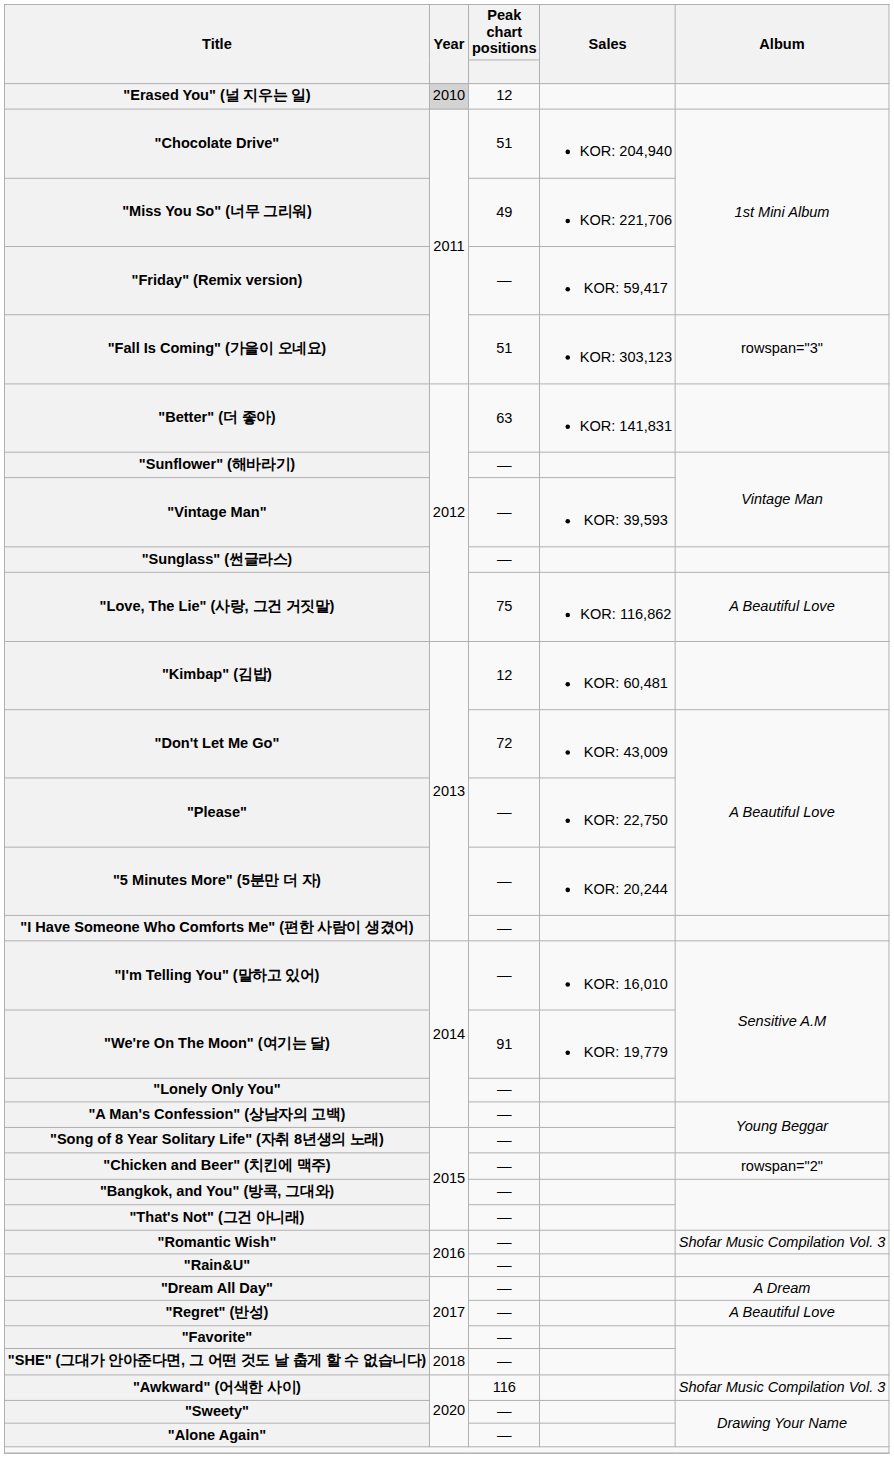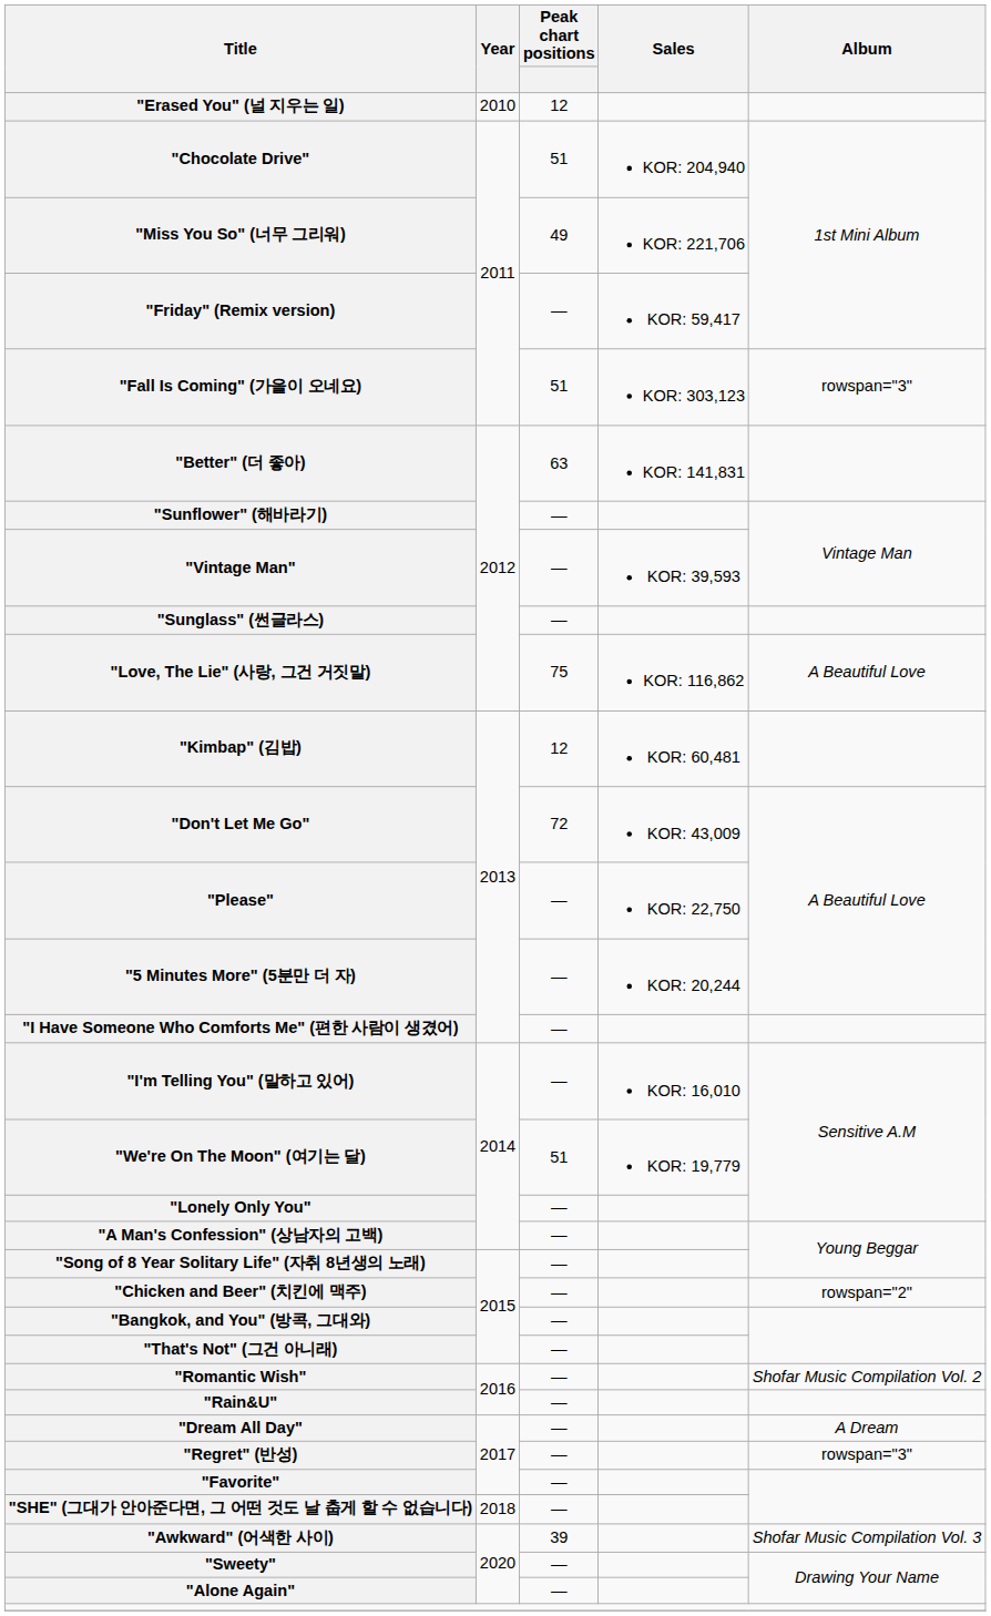 <table class="wikitable plainrowheaders" style="text-align:center;">
 <tr>
 <th scope="col" rowspan="2">Title</th>
 <th scope="col" rowspan="2">Year</th>
 <th scope="col" colspan="1">Peak chart positions</th>
 <th scope="col" rowspan="2">Sales</th>
 <th scope="col" rowspan="2">Album</th>
 </tr>
 <tr>
 <th style="width:3em"><br></th>
 </tr>
 <tr>
 <th scope="row">"Erased You" (널 지우는 일)</th>
-<td style="background: lightgrey;">2010</td>
+<td>2010</td>
 <td>12</td>
 <td></td>
 <td></td>
 </tr>
 <tr>
 <th scope="row">"Chocolate Drive"</th>
 <td rowspan="4">2011</td>
 <td>51</td>
 <td><br><ul><li>KOR: 204,940</li></ul></td>
 <td rowspan="3"><em>1st Mini Album</em></td>
 </tr>
 <tr>
 <th scope="row">"Miss You So" (너무 그리워)</th>
 <td>49</td>
 <td><br><ul><li>KOR: 221,706</li></ul></td>
 </tr>
 <tr>
 <th scope="row">"Friday" (Remix version)</th>
 <td>—</td>
 <td><br><ul><li>KOR: 59,417</li></ul></td>
 </tr>
 <tr>
 <th scope="row">"Fall Is Coming" (가을이 오네요)</th>
 <td>51</td>
 <td><br><ul><li>KOR: 303,123</li></ul></td>
 <td>rowspan="3" </td>
 </tr>
 <tr>
 <th scope="row">"Better" (더 좋아) </th>
 <td rowspan="5">2012</td>
 <td>63</td>
 <td><br><ul><li>KOR: 141,831</li></ul></td>
 </tr>
 <tr>
 <th scope="row">"Sunflower" (해바라기)</th>
 <td>—</td>
 <td></td>
 <td rowspan="2"><em>Vintage Man</em></td>
 </tr>
 <tr>
 <th scope="row">"Vintage Man"</th>
 <td>—</td>
 <td><br><ul><li>KOR: 39,593</li></ul></td>
 </tr>
 <tr>
 <th scope="row">"Sunglass" (썬글라스) </th>
 <td>—</td>
 <td></td>
 <td></td>
 </tr>
 <tr>
 <th scope="row">"Love, The Lie" (사랑, 그건 거짓말)</th>
 <td>75</td>
 <td><br><ul><li>KOR: 116,862</li></ul></td>
 <td><em>A Beautiful Love</em></td>
 </tr>
 <tr>
 <th scope="row">"Kimbap" (김밥) </th>
 <td rowspan="5">2013</td>
 <td>12</td>
 <td><br><ul><li>KOR: 60,481</li></ul></td>
 <td></td>
 </tr>
 <tr>
 <th scope="row">"Don't Let Me Go"</th>
 <td>72</td>
 <td><br><ul><li>KOR: 43,009</li></ul></td>
 <td rowspan="3"><em>A Beautiful Love</em></td>
 </tr>
 <tr>
 <th scope="row">"Please"</th>
 <td>—</td>
 <td><br><ul><li>KOR: 22,750</li></ul></td>
 </tr>
 <tr>
 <th scope="row">"5 Minutes More" (5분만 더 자)</th>
 <td>—</td>
 <td><br><ul><li>KOR: 20,244</li></ul></td>
 </tr>
 <tr>
 <th scope="row">"I Have Someone Who Comforts Me" (편한 사람이 생겼어) </th>
 <td>—</td>
 <td></td>
 <td></td>
 </tr>
 <tr>
 <th scope="row">"I'm Telling You" (말하고 있어) </th>
 <td rowspan="4">2014</td>
 <td>—</td>
 <td><br><ul><li>KOR: 16,010</li></ul></td>
 <td rowspan="3"><em>Sensitive A.M</em></td>
 </tr>
 <tr>
 <th scope="row">"We're On The Moon" (여기는 달)</th>
-<td>91</td>
+<td>51</td>
 <td><br><ul><li>KOR: 19,779</li></ul></td>
 </tr>
 <tr>
 <th scope="row">"Lonely Only You"</th>
 <td>—</td>
 <td></td>
 </tr>
 <tr>
 <th scope="row">"A Man's Confession" (상남자의 고백) </th>
 <td>—</td>
 <td></td>
 <td rowspan="2"><em>Young Beggar</em></td>
 </tr>
 <tr>
 <th scope="row">"Song of 8 Year Solitary Life" (자취 8년생의 노래)</th>
 <td rowspan="4">2015</td>
 <td>—</td>
 <td></td>
 </tr>
 <tr>
 <th scope="row">"Chicken and Beer" (치킨에 맥주)</th>
 <td>—</td>
 <td></td>
 <td>rowspan="2" </td>
 </tr>
 <tr>
 <th scope="row">"Bangkok, and You" (방콕, 그대와) </th>
 <td>—</td>
 <td></td>
 </tr>
 <tr>
 <th scope="row">"That's Not" (그건 아니래)</th>
 <td>—</td>
 <td></td>
 </tr>
 <tr>
 <th scope="row">"Romantic Wish" </th>
 <td rowspan="2">2016</td>
 <td>—</td>
 <td></td>
-<td><em>Shofar Music Compilation Vol. 3</em></td>
+<td><em>Shofar Music Compilation Vol. 2</em></td>
 </tr>
 <tr>
 <th scope="row">"Rain&U" </th>
 <td>—</td>
 <td></td>
 <td></td>
 </tr>
 <tr>
 <th scope="row">"Dream All Day"</th>
 <td rowspan="3">2017</td>
 <td>—</td>
 <td></td>
 <td><em>A Dream</em></td>
 </tr>
 <tr>
 <th scope="row">"Regret" (반성)</th>
 <td>—</td>
 <td></td>
-<td><em>A Beautiful Love</em></td>
+<td>rowspan="3" </td>
 </tr>
 <tr>
 <th scope="row">"Favorite"</th>
 <td>—</td>
 <td></td>
 </tr>
 <tr>
 <th scope="row">"SHE" (그대가 안아준다면, 그 어떤 것도 날 춥게 할 수 없습니다)</th>
 <td>2018</td>
 <td>—</td>
 <td></td>
 </tr>
 <tr>
 <th scope="row">"Awkward" (어색한 사이) </th>
 <td rowspan="3">2020</td>
-<td>116</td>
+<td>39</td>
 <td></td>
 <td><em>Shofar Music Compilation Vol. 3</em></td>
 </tr>
 <tr>
 <th scope="row">"Sweety"</th>
 <td>—</td>
 <td></td>
 <td rowspan="2"><em>Drawing Your Name</em></td>
 </tr>
 <tr>
 <th scope="row">"Alone Again"</th>
 <td>—</td>
 <td></td>
 </tr>
 <tr>
 <td colspan="5"></td>
 </tr>
 <tr>
 </tr>
 </table>
